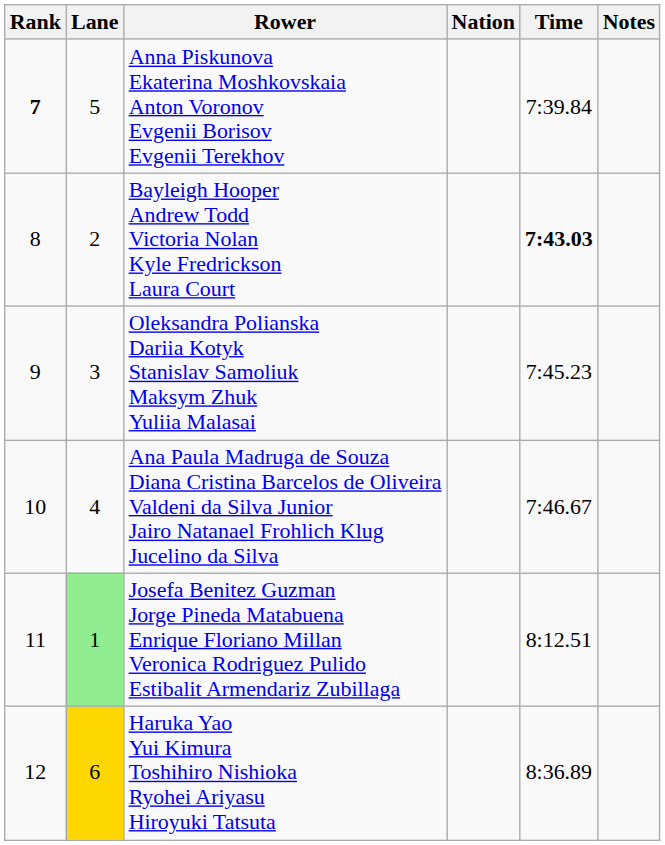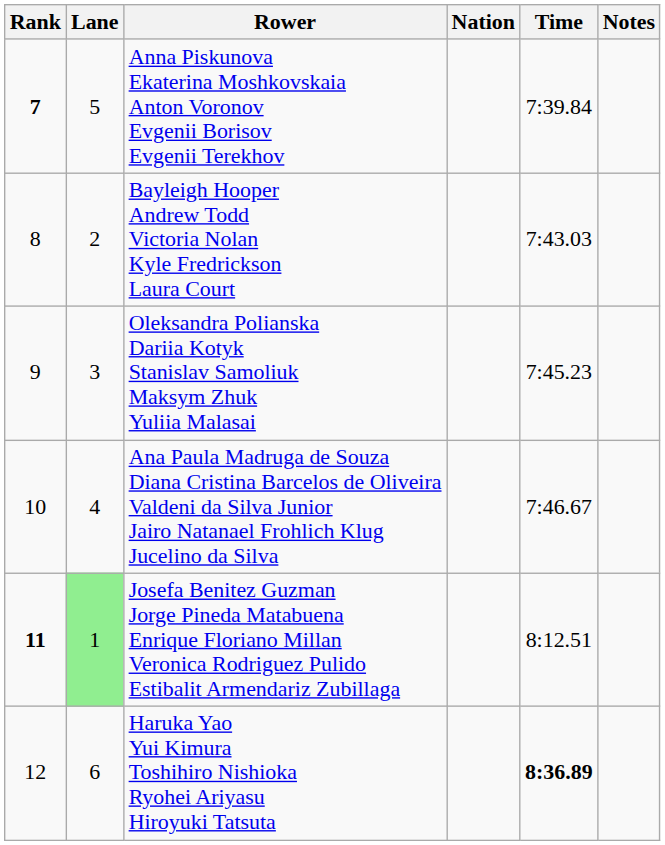 <table class="wikitable sortable" style="text-align:center">
 <tr>
 <th>Rank</th>
 <th>Lane</th>
 <th>Rower</th>
 <th>Nation</th>
 <th>Time</th>
 <th>Notes</th>
 </tr>
 <tr>
 <td><strong>7</strong></td>
 <td>5</td>
 <td align="left"><a href='#'>Anna Piskunova</a><br><a href='#'>Ekaterina Moshkovskaia</a><br><a href='#'>Anton Voronov</a><br><a href='#'>Evgenii Borisov</a><br><a href='#'>Evgenii Terekhov</a></td>
 <td align="left"></td>
 <td>7:39.84</td>
 <td></td>
 </tr>
 <tr>
 <td>8</td>
 <td>2</td>
 <td align="left"><a href='#'>Bayleigh Hooper</a><br><a href='#'>Andrew Todd</a><br><a href='#'>Victoria Nolan</a><br><a href='#'>Kyle Fredrickson</a><br><a href='#'>Laura Court</a></td>
 <td align="left"></td>
-<td><strong>7:43.03</strong></td>
+<td>7:43.03</td>
 <td></td>
 </tr>
 <tr>
 <td>9</td>
 <td>3</td>
 <td align="left"><a href='#'>Oleksandra Polianska</a><br><a href='#'>Dariia Kotyk</a><br><a href='#'>Stanislav Samoliuk</a><br><a href='#'>Maksym Zhuk</a><br><a href='#'>Yuliia Malasai</a></td>
 <td align="left"></td>
 <td>7:45.23</td>
 <td></td>
 </tr>
 <tr>
 <td>10</td>
 <td>4</td>
 <td align="left"><a href='#'>Ana Paula Madruga de Souza</a><br><a href='#'>Diana Cristina Barcelos de Oliveira</a><br><a href='#'>Valdeni da Silva Junior</a><br><a href='#'>Jairo Natanael Frohlich Klug</a><br><a href='#'>Jucelino da Silva</a></td>
 <td align="left"></td>
 <td>7:46.67</td>
 </tr>
 <tr>
-<td>11</td>
+<td><strong>11</strong></td>
 <td style="background: lightgreen;">1</td>
 <td align="left"><a href='#'>Josefa Benitez Guzman</a><br><a href='#'>Jorge Pineda Matabuena</a><br><a href='#'>Enrique Floriano Millan</a><br><a href='#'>Veronica Rodriguez Pulido</a><br><a href='#'>Estibalit Armendariz Zubillaga</a></td>
 <td align="left"></td>
 <td>8:12.51</td>
 <td></td>
 </tr>
 <tr>
 <td>12</td>
-<td style="background: gold;">6</td>
+<td>6</td>
 <td align="left"><a href='#'>Haruka Yao</a><br><a href='#'>Yui Kimura</a><br><a href='#'>Toshihiro Nishioka</a><br><a href='#'>Ryohei Ariyasu</a><br><a href='#'>Hiroyuki Tatsuta</a></td>
 <td align="left"></td>
-<td>8:36.89</td>
+<td><strong>8:36.89</strong></td>
 </tr>
 </table>
